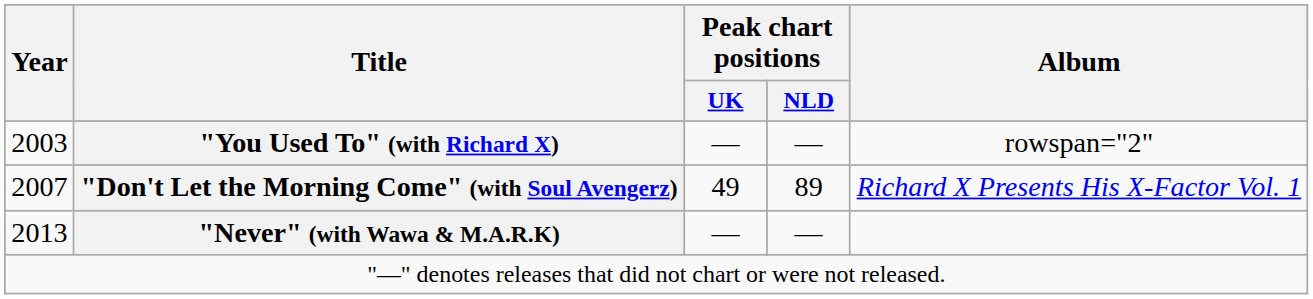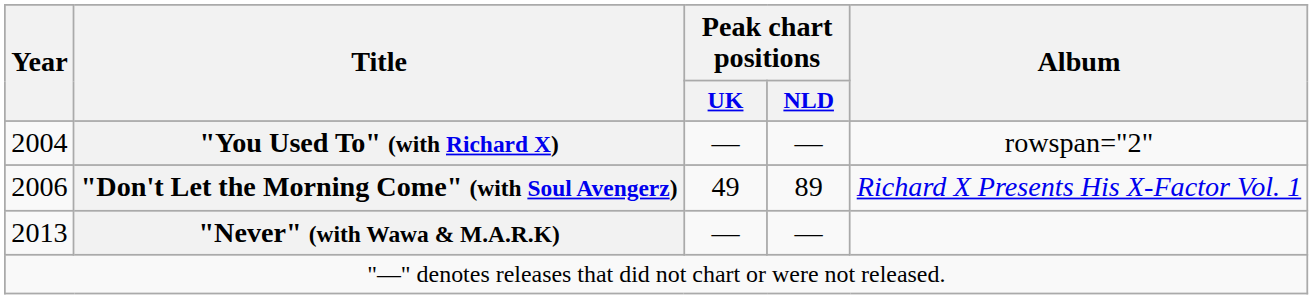 <table class="wikitable plainrowheaders" style="text-align:center;">
 <tr>
 <th scope="col" rowspan="2">Year</th>
 <th scope="col" rowspan="2">Title</th>
 <th scope="col" colspan="2">Peak chart positions</th>
 <th scope="col" rowspan="2">Album</th>
 </tr>
 <tr>
 <th scope="col" style="width:3em;font-size:85%;"><a href='#'>UK</a><br></th>
 <th scope="col" style="width:3em;font-size:85%;"><a href='#'>NLD</a><br></th>
 </tr>
 <tr>
-<td>2003</td>
+<td>2004</td>
 <th scope="row">"You Used To" <small>(with <a href='#'>Richard X</a>)</small></th>
 <td>—</td>
 <td>—</td>
 <td>rowspan="2" </td>
 </tr>
 <tr>
-<td>2007</td>
+<td>2006</td>
 <th scope="row">"Don't Let the Morning Come" <small>(with <a href='#'>Soul Avengerz</a>)</small></th>
 <td>49</td>
 <td>89</td>
 <td><em><a href='#'>Richard X Presents His X-Factor Vol. 1</a></em></td>
 </tr>
 <tr>
 <td>2013</td>
 <th scope="row">"Never" <small>(with Wawa & M.A.R.K)</small></th>
 <td>—</td>
 <td>—</td>
 </tr>
 <tr>
 <td align="center" colspan="5" style="font-size:85%">"—" denotes releases that did not chart or were not released.</td>
 </tr>
 </table>
